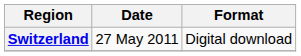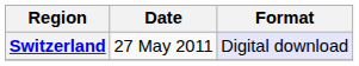 <table class="wikitable sortable plainrowheaders">
 <tr>
 <th scope="col">Region</th>
 <th scope="col">Date</th>
 <th scope="col">Format</th>
 </tr>
 <tr>
 <th scope="row"><a href='#'>Switzerland</a></th>
 <td>27 May 2011</td>
-<td>Digital download</td>
+<td style="background: lavender;">Digital download</td>
 </tr>
 <tr>
 </tr>
 </table>
